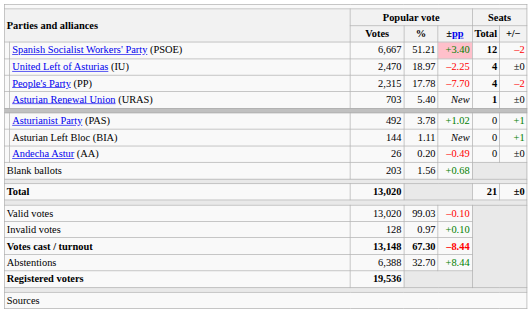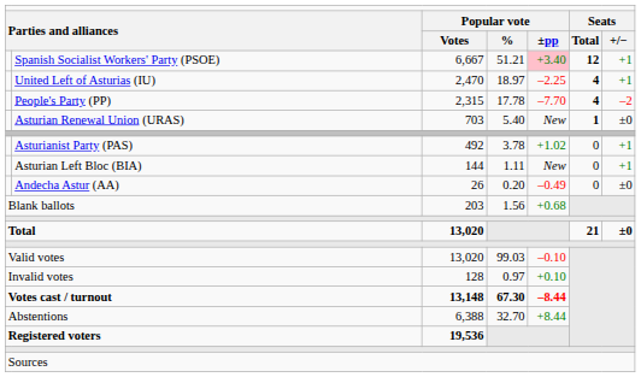 <table class="wikitable" style="text-align:right;">
 <tr>
 <td colspan="7"></td>
 </tr>
 <tr>
 <th style="text-align:left;" rowspan="2" colspan="2" width="525">Parties and alliances</th>
 <th colspan="3">Popular vote</th>
 <th colspan="2">Seats</th>
 </tr>
 <tr>
 <th width="75">Votes</th>
 <th width="45">%</th>
 <th width="45">±<a href='#'>pp</a></th>
 <th width="35">Total</th>
 <th width="35">+/−</th>
 </tr>
 <tr>
 <td width="1" style="color:inherit;background:"></td>
 <td align="left"><a href='#'>Spanish Socialist Workers' Party</a> (PSOE)</td>
 <td>6,667</td>
 <td>51.21</td>
 <td style="background: pink; color:green;">+3.40</td>
 <td><strong>12</strong></td>
-<td style="color:red;">–2</td>
+<td style="color:green;">+1</td>
 </tr>
 <tr>
 <td style="color:inherit;background:"></td>
 <td align="left"><a href='#'>United Left of Asturias</a> (IU)</td>
 <td>2,470</td>
 <td>18.97</td>
 <td style="color:red;">–2.25</td>
 <td><strong>4</strong></td>
-<td>±0</td>
+<td style="color:green;">+1</td>
 </tr>
 <tr>
 <td style="color:inherit;background:"></td>
 <td align="left"><a href='#'>People's Party</a> (PP)</td>
 <td>2,315</td>
 <td>17.78</td>
 <td style="color:red;">–7.70</td>
 <td><strong>4</strong></td>
 <td style="color:red;">–2</td>
 </tr>
 <tr>
 <td style="color:inherit;background:"></td>
 <td align="left"><a href='#'>Asturian Renewal Union</a> (URAS)</td>
 <td>703</td>
 <td>5.40</td>
 <td><em>New</em></td>
 <td><strong>1</strong></td>
 <td>±0</td>
 </tr>
 <tr>
 <td colspan="7" bgcolor="#C0C0C0"></td>
 </tr>
 <tr>
 <td style="color:inherit;background:"></td>
 <td align="left"><a href='#'>Asturianist Party</a> (PAS)</td>
 <td>492</td>
 <td>3.78</td>
 <td style="color:green;">+1.02</td>
 <td>0</td>
 <td style="color:green;">+1</td>
 </tr>
 <tr>
 <td style="color:inherit;background:"></td>
 <td align="left">Asturian Left Bloc (BIA)</td>
 <td>144</td>
 <td>1.11</td>
 <td><em>New</em></td>
 <td>0</td>
 <td style="color:green;">+1</td>
 </tr>
 <tr>
 <td style="color:inherit;background:"></td>
 <td align="left"><a href='#'>Andecha Astur</a> (AA)</td>
 <td>26</td>
 <td>0.20</td>
 <td style="color:red;">–0.49</td>
 <td>0</td>
 <td>±0</td>
 </tr>
 <tr>
 <td align="left" colspan="2">Blank ballots</td>
 <td>203</td>
 <td>1.56</td>
 <td style="color:green;">+0.68</td>
 <td bgcolor="#E9E9E9" colspan="2"></td>
 </tr>
 <tr>
 <td colspan="7" bgcolor="#E9E9E9"></td>
 </tr>
 <tr style="font-weight:bold;">
 <td align="left" colspan="2">Total</td>
 <td>13,020</td>
 <td bgcolor="#E9E9E9" colspan="2"></td>
 <td>21</td>
 <td>±0</td>
 </tr>
 <tr>
 <td colspan="7" bgcolor="#E9E9E9"></td>
 </tr>
 <tr>
 <td align="left" colspan="2">Valid votes</td>
 <td>13,020</td>
 <td>99.03</td>
 <td style="color:red;">–0.10</td>
 <td bgcolor="#E9E9E9" colspan="2" rowspan="5"></td>
 </tr>
 <tr>
 <td align="left" colspan="2">Invalid votes</td>
 <td>128</td>
 <td>0.97</td>
 <td style="color:green;">+0.10</td>
 </tr>
 <tr style="font-weight:bold;">
 <td align="left" colspan="2">Votes cast / turnout</td>
 <td>13,148</td>
 <td>67.30</td>
 <td style="color:red;">–8.44</td>
 </tr>
 <tr>
 <td align="left" colspan="2">Abstentions</td>
 <td>6,388</td>
 <td>32.70</td>
 <td style="color:green;">+8.44</td>
 </tr>
 <tr style="font-weight:bold;">
 <td align="left" colspan="2">Registered voters</td>
 <td>19,536</td>
 <td bgcolor="#E9E9E9" colspan="2"></td>
 </tr>
 <tr>
 <td colspan="7" bgcolor="#E9E9E9"></td>
 </tr>
 <tr>
 <td align="left" colspan="7">Sources</td>
 </tr>
 </table>
